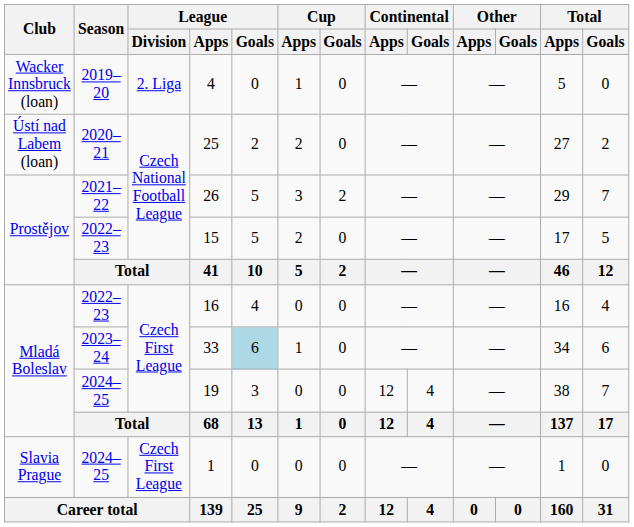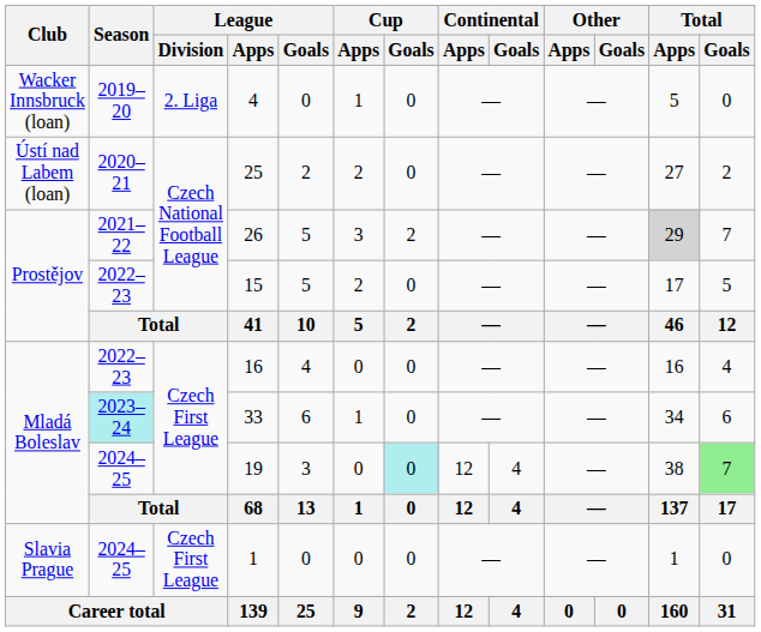 <table class="wikitable" style="text-align:center">
 <tr>
 <th rowspan="2">Club</th>
 <th rowspan="2">Season</th>
 <th colspan="3">League</th>
 <th colspan="2">Cup</th>
 <th colspan="2">Continental</th>
 <th colspan="2">Other</th>
 <th colspan="2">Total</th>
 </tr>
 <tr>
 <th>Division</th>
 <th>Apps</th>
 <th>Goals</th>
 <th>Apps</th>
 <th>Goals</th>
 <th>Apps</th>
 <th>Goals</th>
 <th>Apps</th>
 <th>Goals</th>
 <th>Apps</th>
 <th>Goals</th>
 </tr>
 <tr>
 <td><a href='#'>Wacker Innsbruck</a> (loan)</td>
 <td><a href='#'>2019–20</a></td>
 <td><a href='#'>2. Liga</a></td>
 <td>4</td>
 <td>0</td>
 <td>1</td>
 <td>0</td>
 <td colspan="2">—</td>
 <td colspan="2">—</td>
 <td>5</td>
 <td>0</td>
 </tr>
 <tr>
 <td><a href='#'>Ústí nad Labem</a> (loan)</td>
 <td><a href='#'>2020–21</a></td>
 <td rowspan="3"><a href='#'>Czech National Football League</a></td>
 <td>25</td>
 <td>2</td>
 <td>2</td>
 <td>0</td>
 <td colspan="2">—</td>
 <td colspan="2">—</td>
 <td>27</td>
 <td>2</td>
 </tr>
 <tr>
 <td rowspan="3"><a href='#'>Prostějov</a></td>
 <td><a href='#'>2021–22</a></td>
 <td>26</td>
 <td>5</td>
 <td>3</td>
 <td>2</td>
 <td colspan="2">—</td>
 <td colspan="2">—</td>
-<td>29</td>
+<td style="background: lightgrey;">29</td>
 <td>7</td>
 </tr>
 <tr>
 <td><a href='#'>2022–23</a></td>
 <td>15</td>
 <td>5</td>
 <td>2</td>
 <td>0</td>
 <td colspan="2">—</td>
 <td colspan="2">—</td>
 <td>17</td>
 <td>5</td>
 </tr>
 <tr>
 <th colspan="2">Total</th>
 <th>41</th>
 <th>10</th>
 <th>5</th>
 <th>2</th>
 <th colspan="2">—</th>
 <th colspan="2">—</th>
 <th>46</th>
 <th>12</th>
 </tr>
 <tr>
 <td rowspan="4"><a href='#'>Mladá Boleslav</a></td>
 <td><a href='#'>2022–23</a></td>
 <td rowspan="3"><a href='#'>Czech First League</a></td>
 <td>16</td>
 <td>4</td>
 <td>0</td>
 <td>0</td>
 <td colspan="2">—</td>
 <td colspan="2">—</td>
 <td>16</td>
 <td>4</td>
 </tr>
 <tr>
-<td><a href='#'>2023–24</a></td>
+<td style="background: paleturquoise;"><a href='#'>2023–24</a></td>
 <td>33</td>
-<td style="background: lightblue;">6</td>
+<td>6</td>
 <td>1</td>
 <td>0</td>
 <td colspan="2">—</td>
 <td colspan="2">—</td>
 <td>34</td>
 <td>6</td>
 </tr>
 <tr>
 <td><a href='#'>2024–25</a></td>
 <td>19</td>
 <td>3</td>
 <td>0</td>
-<td>0</td>
+<td style="background: paleturquoise;">0</td>
 <td>12</td>
 <td>4</td>
 <td colspan="2">—</td>
 <td>38</td>
-<td>7</td>
+<td style="background: lightgreen;">7</td>
 </tr>
 <tr>
 <th colspan="2">Total</th>
 <th>68</th>
 <th>13</th>
 <th>1</th>
 <th>0</th>
 <th>12</th>
 <th>4</th>
 <th colspan="2">—</th>
 <th>137</th>
 <th>17</th>
 </tr>
 <tr>
 <td><a href='#'>Slavia Prague</a></td>
 <td><a href='#'>2024–25</a></td>
 <td><a href='#'>Czech First League</a></td>
 <td>1</td>
 <td>0</td>
 <td>0</td>
 <td>0</td>
 <td colspan="2">—</td>
 <td colspan="2">—</td>
 <td>1</td>
 <td>0</td>
 </tr>
 <tr>
 <th colspan="3">Career total</th>
 <th>139</th>
 <th>25</th>
 <th>9</th>
 <th>2</th>
 <th>12</th>
 <th>4</th>
 <th>0</th>
 <th>0</th>
 <th>160</th>
 <th>31</th>
 </tr>
 </table>
